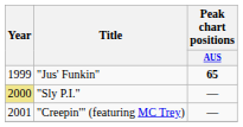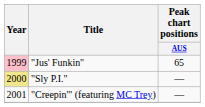 <table class="wikitable" style="text-align:left;">
 <tr>
 <th rowspan="2">Year</th>
 <th rowspan="2">Title</th>
 <th colspan="1">Peak chart positions</th>
 </tr>
 <tr style="font-size:smaller;">
 <th scope="col" style="width:3em;font-size:90%;"><a href='#'>AUS</a><br></th>
 </tr>
 <tr>
-<td>1999</td>
+<td style="background: pink;">1999</td>
 <td>"Jus' Funkin" </td>
-<td style="text-align:center;"><strong>65</strong></td>
+<td style="text-align:center;">65</td>
 </tr>
 <tr>
 <td style="background: khaki;">2000</td>
 <td>"Sly P.I."</td>
 <td style="text-align:center;">—</td>
 </tr>
 <tr>
 <td>2001</td>
 <td>"Creepin'" (featuring <a href='#'>MC Trey</a>)</td>
 <td style="text-align:center;">—</td>
 </tr>
 <tr>
 </tr>
 </table>
